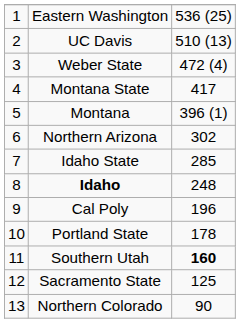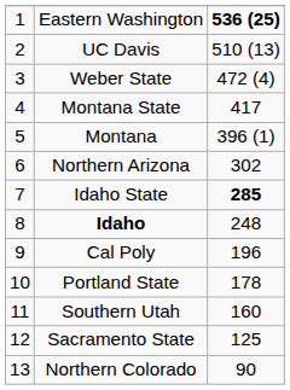 <table class="wikitable" style="display: inline-table;">
 <tr align="center">
 </tr>
 <tr align="center">
 <td>1</td>
 <td>Eastern Washington</td>
-<td>536 (25)</td>
+<td><strong>536 (25)</strong></td>
 </tr>
 <tr align="center">
 <td>2</td>
 <td>UC Davis</td>
 <td>510 (13)</td>
 </tr>
 <tr align="center">
 <td>3</td>
 <td>Weber State</td>
 <td>472 (4)</td>
 </tr>
 <tr align="center">
 <td>4</td>
 <td>Montana State</td>
 <td>417</td>
 </tr>
 <tr align="center">
 <td>5</td>
 <td>Montana</td>
 <td>396 (1)</td>
 </tr>
 <tr align="center">
 <td>6</td>
 <td>Northern Arizona</td>
 <td>302</td>
 </tr>
 <tr align="center">
 <td>7</td>
 <td>Idaho State</td>
-<td>285</td>
+<td><strong>285</strong></td>
 </tr>
 <tr align="center">
 <td>8</td>
 <td><strong>Idaho</strong></td>
 <td>248</td>
 </tr>
 <tr align="center">
 <td>9</td>
 <td>Cal Poly</td>
 <td>196</td>
 </tr>
 <tr align="center">
 <td>10</td>
 <td>Portland State</td>
 <td>178</td>
 </tr>
 <tr align="center">
 <td>11</td>
 <td>Southern Utah</td>
-<td><strong>160</strong></td>
+<td>160</td>
 </tr>
 <tr align="center">
 <td>12</td>
 <td>Sacramento State</td>
 <td>125</td>
 </tr>
 <tr align="center">
 <td>13</td>
 <td>Northern Colorado</td>
 <td>90</td>
 </tr>
 </table>
